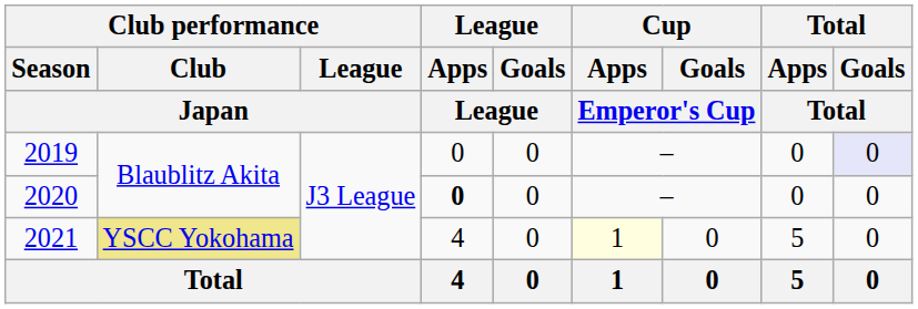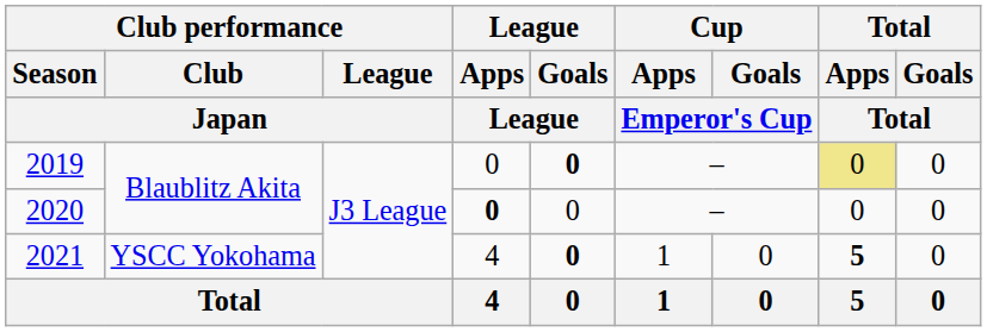 <table class="wikitable" style="text-align:center;">
 <tr>
 <th colspan=3>Club performance</th>
 <th colspan=2>League</th>
 <th colspan=2>Cup</th>
 <th colspan=2>Total</th>
 </tr>
 <tr>
 <th>Season</th>
 <th>Club</th>
 <th>League</th>
 <th>Apps</th>
 <th>Goals</th>
 <th>Apps</th>
 <th>Goals</th>
 <th>Apps</th>
 <th>Goals</th>
 </tr>
 <tr>
 <th colspan=3>Japan</th>
 <th colspan=2>League</th>
 <th colspan=2><a href='#'>Emperor's Cup</a></th>
 <th colspan=2>Total</th>
 </tr>
 <tr>
 <td><a href='#'>2019</a></td>
 <td rowspan="2"><a href='#'>Blaublitz Akita</a></td>
 <td rowspan="3"><a href='#'>J3 League</a></td>
 <td>0</td>
+<td><strong>0</strong></td>
+<td colspan="2">–</td>
+<td style="background: khaki;">0</td>
 <td>0</td>
-<td colspan="2">–</td>
-<td>0</td>
-<td style="background: lavender;">0</td>
 </tr>
 <tr>
 <td><a href='#'>2020</a></td>
 <td><strong>0</strong></td>
 <td>0</td>
 <td colspan="2">–</td>
 <td>0</td>
 <td>0</td>
 </tr>
 <tr>
 <td><a href='#'>2021</a></td>
-<td style="background: khaki;"><a href='#'>YSCC Yokohama</a></td>
+<td><a href='#'>YSCC Yokohama</a></td>
 <td>4</td>
+<td><strong>0</strong></td>
+<td>1</td>
 <td>0</td>
-<td style="background: lightyellow;">1</td>
-<td>0</td>
-<td>5</td>
+<td><strong>5</strong></td>
 <td>0</td>
 </tr>
 <tr>
 <th colspan=3>Total</th>
 <th>4</th>
 <th>0</th>
 <th>1</th>
 <th>0</th>
 <th>5</th>
 <th>0</th>
 </tr>
 </table>
